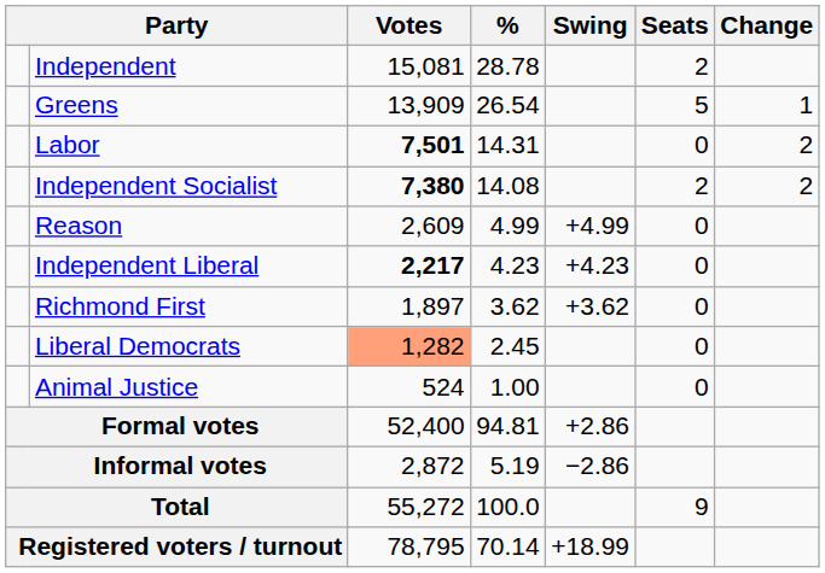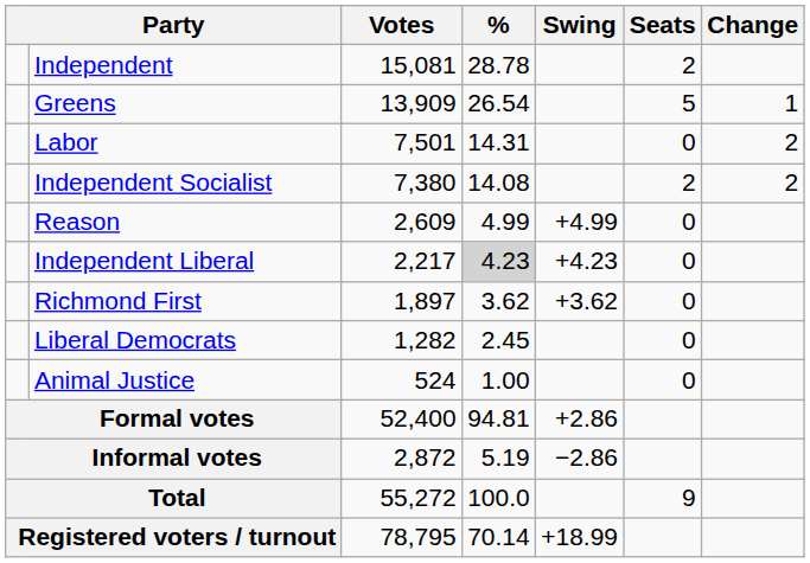 <table class="wikitable" style="text-align:right; margin-bottom:0">
 <tr>
 <th style="width:10px" colspan=3>Party</th>
 <th style="width:70px;">Votes</th>
 <th style="width:40px;">%</th>
 <th style="width:40px;">Swing</th>
 <th style="width:40px;">Seats</th>
 <th style="width:40px;">Change</th>
 </tr>
 <tr>
 <td> </td>
 <td style="text-align:left;" colspan="2"><a href='#'>Independent</a></td>
 <td style="width:70px;">15,081</td>
 <td style="width:40px;">28.78</td>
 <td style="width:40px;"></td>
 <td style="width:40px;">2</td>
 <td style="width:55px;"></td>
 </tr>
 <tr>
 <td> </td>
 <td style="text-align:left;" colspan="2"><a href='#'>Greens</a></td>
 <td>13,909</td>
 <td>26.54</td>
 <td></td>
 <td>5</td>
 <td> 1</td>
 </tr>
 <tr>
 <td> </td>
 <td style="text-align:left;" colspan="2"><a href='#'>Labor</a></td>
-<td><strong>7,501</strong></td>
+<td>7,501</td>
 <td>14.31</td>
 <td></td>
 <td>0</td>
 <td> 2</td>
 </tr>
 <tr>
 <td> </td>
 <td style="text-align:left;" colspan="2"><a href='#'>Independent Socialist</a></td>
-<td><strong>7,380</strong></td>
+<td>7,380</td>
 <td>14.08</td>
 <td></td>
 <td>2</td>
 <td> 2</td>
 </tr>
 <tr>
 <td> </td>
 <td style="text-align:left;" colspan="2"><a href='#'>Reason</a></td>
 <td>2,609</td>
 <td>4.99</td>
 <td>+4.99</td>
 <td>0</td>
 <td></td>
 </tr>
 <tr>
 <td> </td>
 <td style="text-align:left;" colspan="2"><a href='#'>Independent Liberal</a></td>
-<td><strong>2,217</strong></td>
-<td>4.23</td>
+<td>2,217</td>
+<td style="background: lightgrey;">4.23</td>
 <td>+4.23</td>
 <td>0</td>
 <td></td>
 </tr>
 <tr>
 <td> </td>
 <td style="text-align:left;" colspan="2"><a href='#'>Richmond First</a></td>
 <td>1,897</td>
 <td>3.62</td>
 <td>+3.62</td>
 <td>0</td>
 <td></td>
 </tr>
 <tr>
 <td> </td>
 <td style="text-align:left;" colspan="2"><a href='#'>Liberal Democrats</a></td>
-<td style="background: lightsalmon;">1,282</td>
+<td>1,282</td>
 <td>2.45</td>
 <td></td>
 <td>0</td>
 <td></td>
 </tr>
 <tr>
 <td> </td>
 <td style="text-align:left;" colspan="2"><a href='#'>Animal Justice</a></td>
 <td>524</td>
 <td>1.00</td>
 <td></td>
 <td>0</td>
 <td></td>
 </tr>
 <tr>
 <th colspan="3" rowspan="1"> Formal votes</th>
 <td>52,400</td>
 <td>94.81</td>
 <td>+2.86</td>
 <td></td>
 <td></td>
 </tr>
 <tr>
 <th colspan="3" rowspan="1"> Informal votes</th>
 <td>2,872</td>
 <td>5.19</td>
 <td>−2.86</td>
 <td></td>
 <td></td>
 </tr>
 <tr>
 <th colspan="3" rowspan="1"> Total</th>
 <td>55,272</td>
 <td>100.0</td>
 <td></td>
 <td>9</td>
 <td></td>
 </tr>
 <tr>
 <th colspan="3" rowspan="1"> Registered voters / turnout</th>
 <td>78,795</td>
 <td>70.14</td>
 <td>+18.99</td>
 <td></td>
 <td></td>
 </tr>
 </table>
